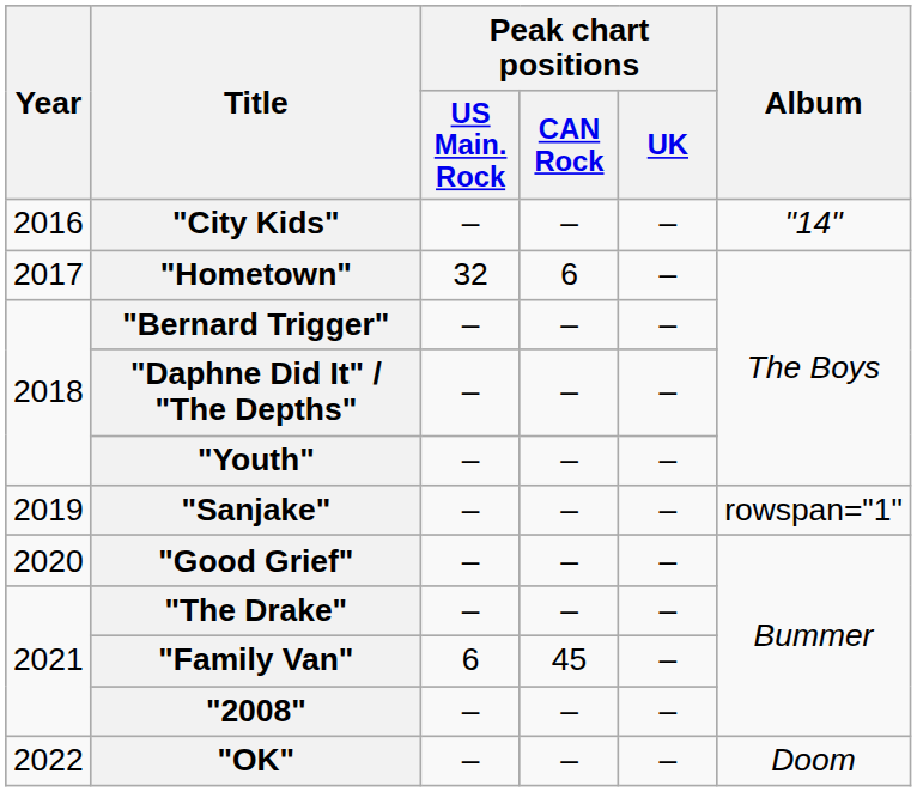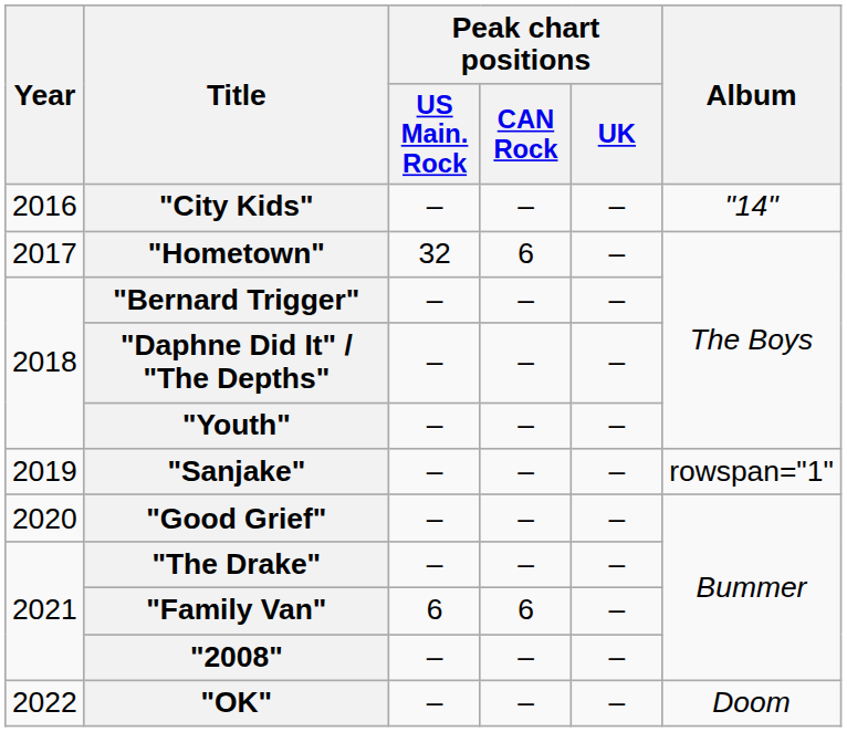 <table class="wikitable plainrowheaders" style="text-align:center;">
 <tr>
 <th scope="col" rowspan="2">Year</th>
 <th scope="col" rowspan="2" style="width:10em;">Title</th>
 <th scope="col" colspan="3">Peak chart positions</th>
 <th scope="col" rowspan="2">Album</th>
 </tr>
 <tr>
 <th scope="col" style="width:3em;font-size:90%;"><a href='#'>US<br>Main.<br>Rock</a><br></th>
 <th scope="col" style="width:3.0em;font-size:90%;"><a href='#'>CAN<br>Rock</a></th>
 <th scope="col" style="width:3.0em;font-size:90%;"><a href='#'>UK</a></th>
 </tr>
 <tr>
 <td>2016</td>
 <th scope="row">"City Kids"</th>
 <td>–</td>
 <td>–</td>
 <td>–</td>
 <td><em>"14"</em></td>
 </tr>
 <tr>
 <td>2017</td>
 <th scope="row">"Hometown"</th>
 <td>32</td>
 <td>6</td>
 <td>–</td>
 <td rowspan="4"><em>The Boys</em></td>
 </tr>
 <tr>
 <td rowspan="3">2018</td>
 <th scope="row">"Bernard Trigger"</th>
 <td>–</td>
 <td>–</td>
 <td>–</td>
 </tr>
 <tr>
 <th scope="row">"Daphne Did It" / "The Depths"</th>
 <td>–</td>
 <td>–</td>
 <td>–</td>
 </tr>
 <tr>
 <th scope="row">"Youth"</th>
 <td>–</td>
 <td>–</td>
 <td>–</td>
 </tr>
 <tr>
 <td>2019</td>
 <th scope="row">"Sanjake"</th>
 <td>–</td>
 <td>–</td>
 <td>–</td>
 <td>rowspan="1" </td>
 </tr>
 <tr>
 <td>2020</td>
 <th scope="row">"Good Grief"</th>
 <td>–</td>
 <td>–</td>
 <td>–</td>
 <td rowspan="4"><em>Bummer</em></td>
 </tr>
 <tr>
 <td rowspan="3">2021</td>
 <th scope="row">"The Drake"</th>
 <td>–</td>
 <td>–</td>
 <td>–</td>
 </tr>
 <tr>
 <th scope="row">"Family Van"</th>
 <td>6</td>
-<td>45</td>
+<td>6</td>
 <td>–</td>
 </tr>
 <tr>
 <th scope="row">"2008"</th>
 <td>–</td>
 <td>–</td>
 <td>–</td>
 </tr>
 <tr>
 <td>2022</td>
 <th scope="row">"OK"</th>
 <td>–</td>
 <td>–</td>
 <td>–</td>
 <td><em>Doom</em></td>
 </tr>
 </table>
